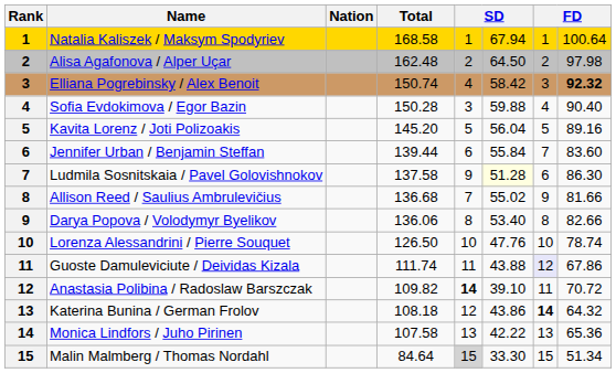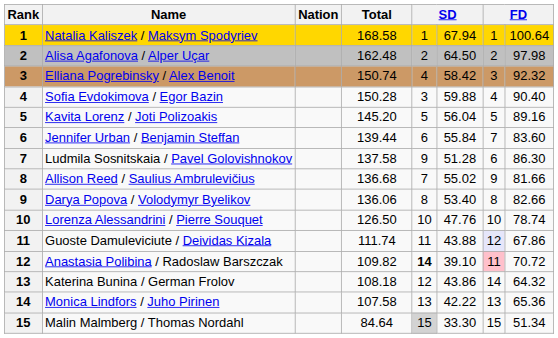 <table class="wikitable sortable">
 <tr>
 <th>Rank</th>
 <th>Name</th>
 <th>Nation</th>
 <th width="80px">Total</th>
 <th colspan="2" width="80px"><a href='#'>SD</a></th>
 <th colspan="2" width="80px"><a href='#'>FD</a></th>
 </tr>
 <tr bgcolor="gold">
 <td align="center"><strong>1</strong></td>
 <td><a href='#'>Natalia Kaliszek</a> / <a href='#'>Maksym Spodyriev</a></td>
 <td></td>
 <td align="center">168.58</td>
 <td align="center">1</td>
 <td align="center">67.94</td>
 <td align="center">1</td>
 <td align="center">100.64</td>
 </tr>
 <tr bgcolor="silver">
 <td align="center"><strong>2</strong></td>
 <td><a href='#'>Alisa Agafonova</a> / <a href='#'>Alper Uçar</a></td>
 <td></td>
 <td align="center">162.48</td>
 <td align="center">2</td>
 <td align="center">64.50</td>
 <td align="center">2</td>
 <td align="center">97.98</td>
 </tr>
 <tr bgcolor="cc9966">
 <td align="center"><strong>3</strong></td>
 <td><a href='#'>Elliana Pogrebinsky</a> / <a href='#'>Alex Benoit</a></td>
 <td></td>
 <td align="center">150.74</td>
 <td align="center">4</td>
 <td align="center">58.42</td>
 <td align="center">3</td>
-<td align="center"><strong>92.32</strong></td>
+<td align="center">92.32</td>
 </tr>
 <tr>
 <th>4</th>
 <td><a href='#'>Sofia Evdokimova</a> / <a href='#'>Egor Bazin</a></td>
 <td></td>
 <td align="center">150.28</td>
 <td align="center">3</td>
 <td align="center">59.88</td>
 <td align="center">4</td>
 <td align="center">90.40</td>
 </tr>
 <tr>
 <th>5</th>
 <td><a href='#'>Kavita Lorenz</a> / <a href='#'>Joti Polizoakis</a></td>
 <td></td>
 <td align="center">145.20</td>
 <td align="center">5</td>
 <td align="center">56.04</td>
 <td align="center">5</td>
 <td align="center">89.16</td>
 </tr>
 <tr>
 <th>6</th>
 <td><a href='#'>Jennifer Urban</a> / <a href='#'>Benjamin Steffan</a></td>
 <td></td>
 <td align="center">139.44</td>
 <td align="center">6</td>
 <td align="center">55.84</td>
 <td align="center">7</td>
 <td align="center">83.60</td>
 </tr>
 <tr>
 <th>7</th>
 <td>Ludmila Sosnitskaia / <a href='#'>Pavel Golovishnokov</a></td>
 <td></td>
 <td align="center">137.58</td>
 <td align="center">9</td>
-<td align="center" style="background: lightyellow;">51.28</td>
+<td align="center">51.28</td>
 <td align="center">6</td>
 <td align="center">86.30</td>
 </tr>
 <tr>
 <th>8</th>
 <td><a href='#'>Allison Reed</a> / <a href='#'>Saulius Ambrulevičius</a></td>
 <td></td>
 <td align="center">136.68</td>
 <td align="center">7</td>
 <td align="center">55.02</td>
 <td align="center">9</td>
 <td align="center">81.66</td>
 </tr>
 <tr>
 <th>9</th>
 <td><a href='#'>Darya Popova</a> / <a href='#'>Volodymyr Byelikov</a></td>
 <td></td>
 <td align="center">136.06</td>
 <td align="center">8</td>
 <td align="center">53.40</td>
 <td align="center">8</td>
 <td align="center">82.66</td>
 </tr>
 <tr>
 <th>10</th>
 <td><a href='#'>Lorenza Alessandrini</a> / <a href='#'>Pierre Souquet</a></td>
 <td></td>
 <td align="center">126.50</td>
 <td align="center">10</td>
 <td align="center">47.76</td>
 <td align="center">10</td>
 <td align="center">78.74</td>
 </tr>
 <tr>
 <th>11</th>
 <td>Guoste Damuleviciute / <a href='#'>Deividas Kizala</a></td>
 <td></td>
 <td align="center">111.74</td>
 <td align="center">11</td>
 <td align="center">43.88</td>
 <td align="center" style="background: lavender;">12</td>
 <td align="center">67.86</td>
 </tr>
 <tr>
 <th>12</th>
 <td><a href='#'>Anastasia Polibina</a> / Radoslaw Barszczak</td>
 <td></td>
 <td align="center">109.82</td>
 <td align="center"><strong>14</strong></td>
 <td align="center">39.10</td>
-<td align="center">11</td>
+<td align="center" style="background: pink;">11</td>
 <td align="center">70.72</td>
 </tr>
 <tr>
 <th>13</th>
 <td>Katerina Bunina / German Frolov</td>
 <td></td>
 <td align="center">108.18</td>
 <td align="center">12</td>
 <td align="center">43.86</td>
-<td align="center"><strong>14</strong></td>
+<td align="center">14</td>
 <td align="center">64.32</td>
 </tr>
 <tr>
 <th>14</th>
 <td><a href='#'>Monica Lindfors</a> / <a href='#'>Juho Pirinen</a></td>
 <td></td>
 <td align="center">107.58</td>
 <td align="center">13</td>
 <td align="center">42.22</td>
 <td align="center">13</td>
 <td align="center">65.36</td>
 </tr>
 <tr>
 <th>15</th>
 <td>Malin Malmberg / Thomas Nordahl</td>
 <td></td>
 <td align="center">84.64</td>
 <td align="center" style="background: lightgrey;">15</td>
 <td align="center">33.30</td>
 <td align="center">15</td>
 <td align="center">51.34</td>
 </tr>
 </table>
